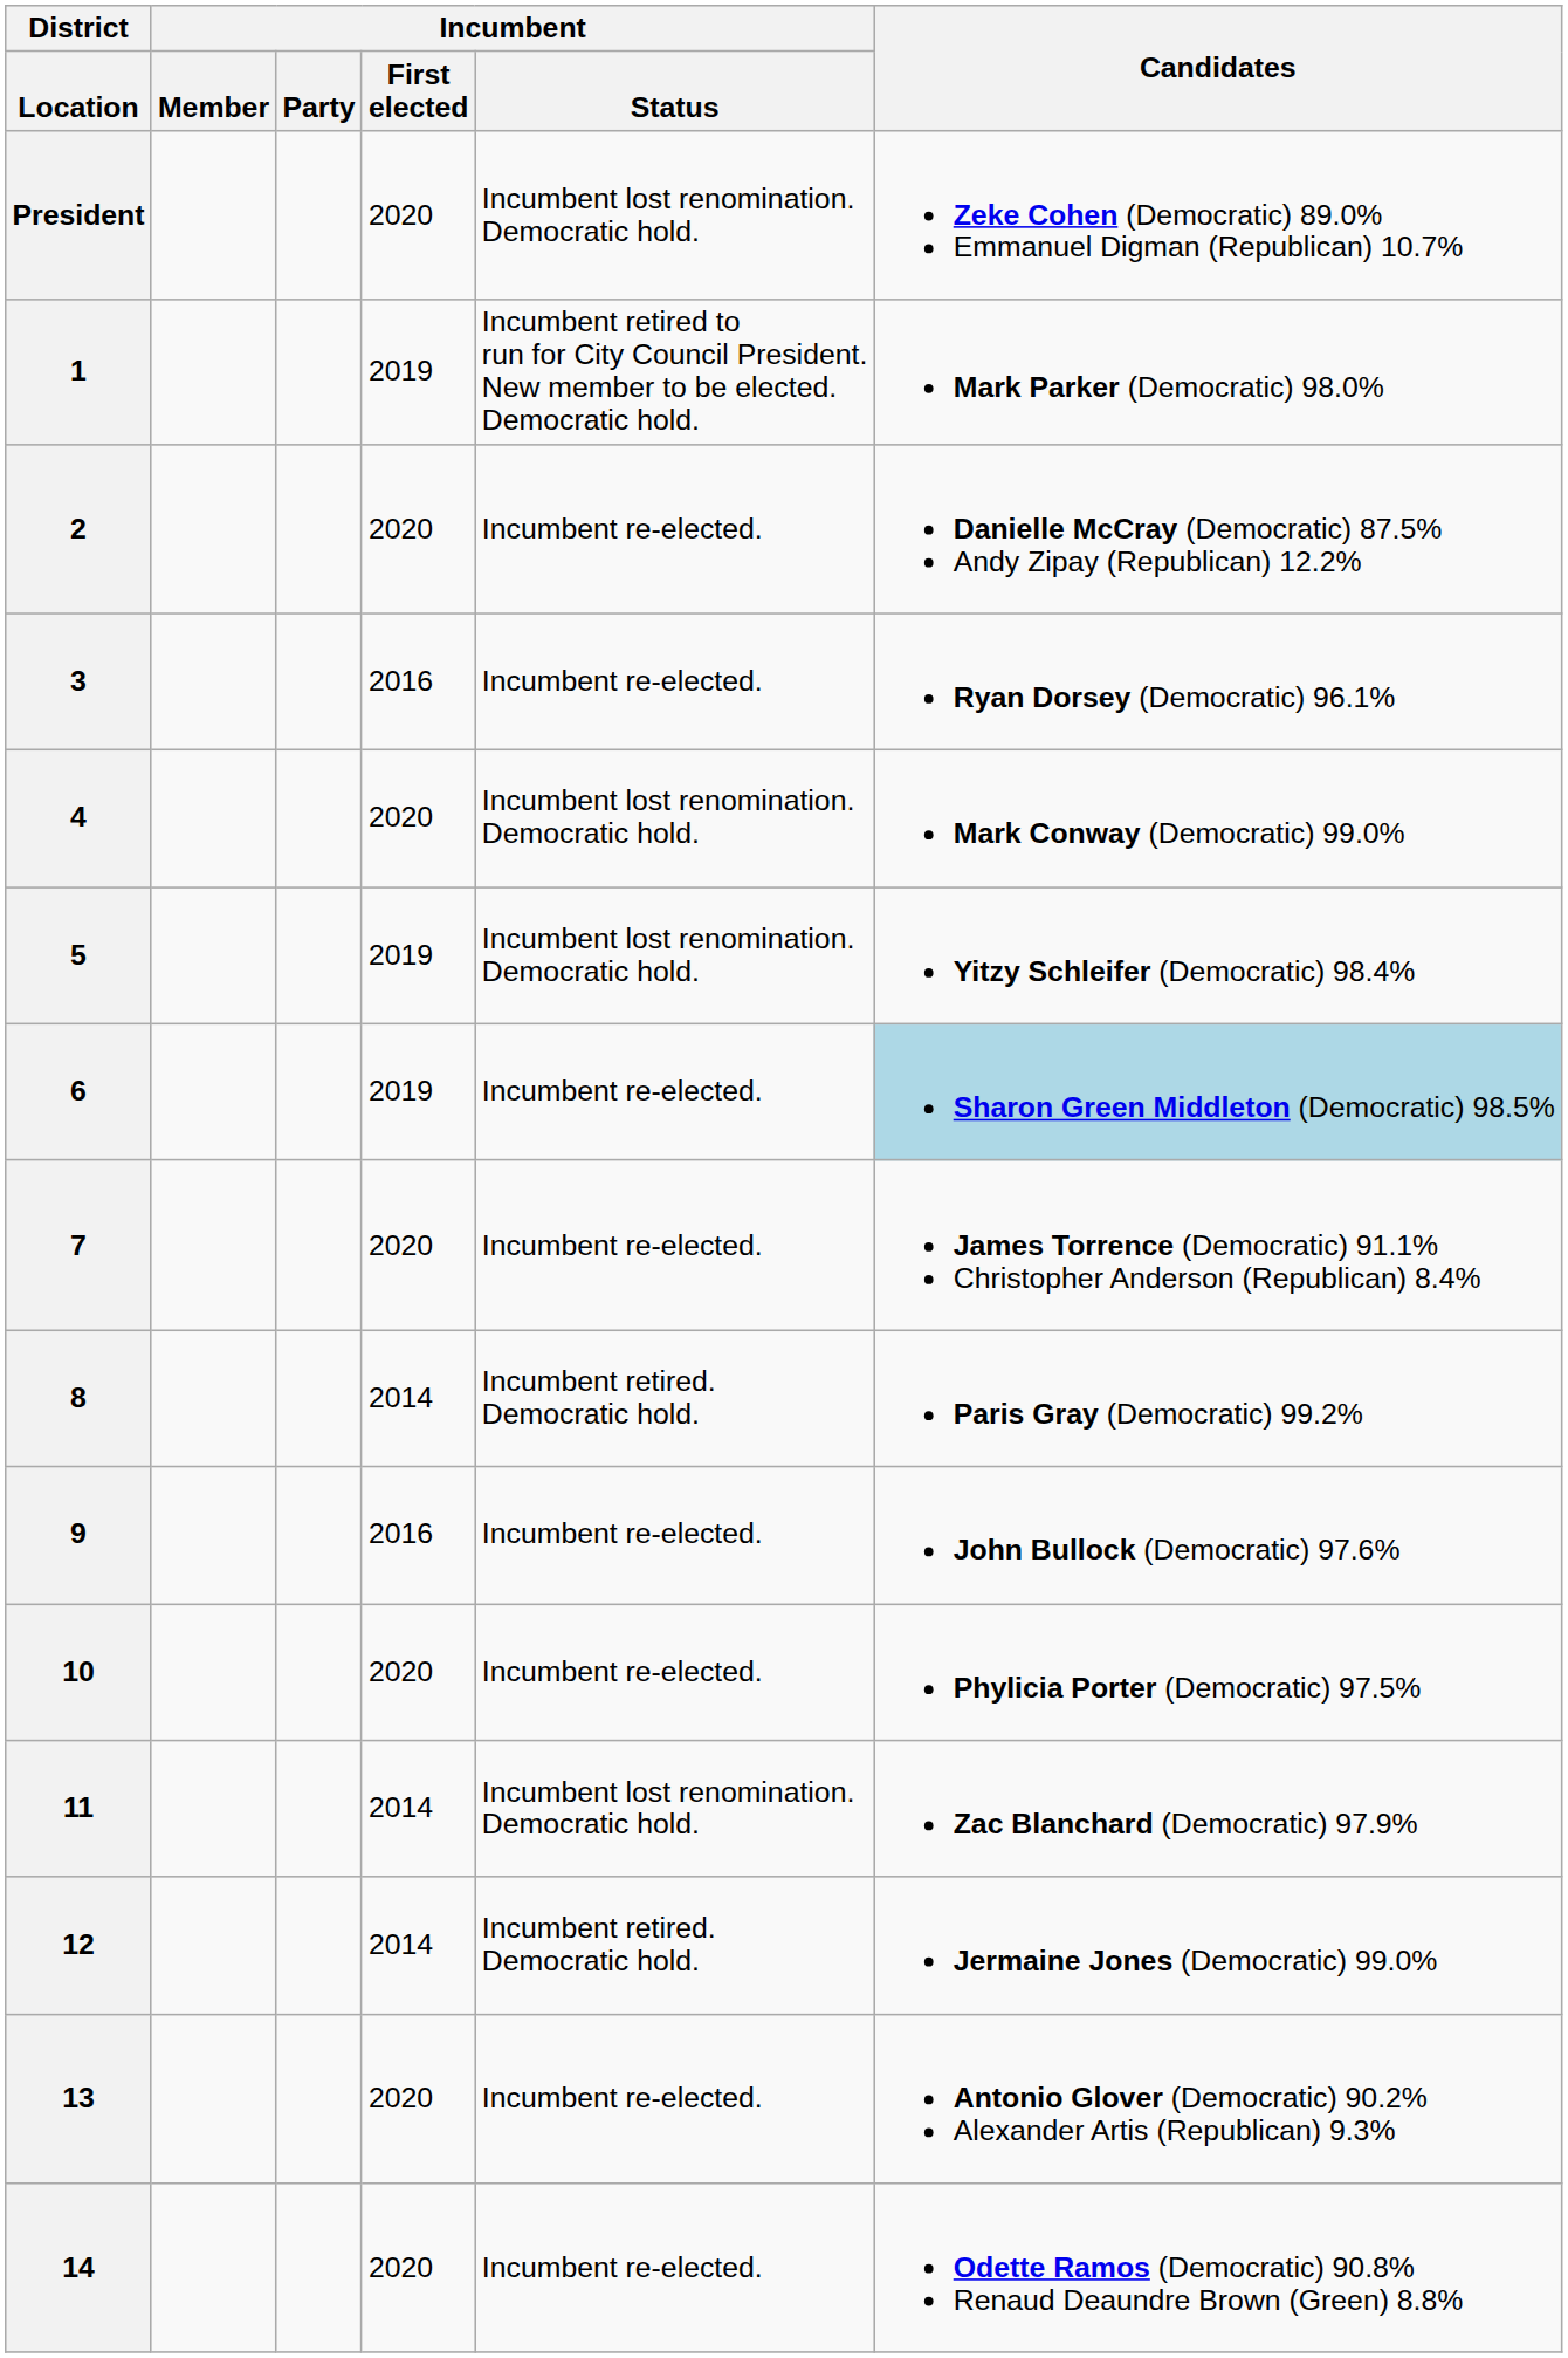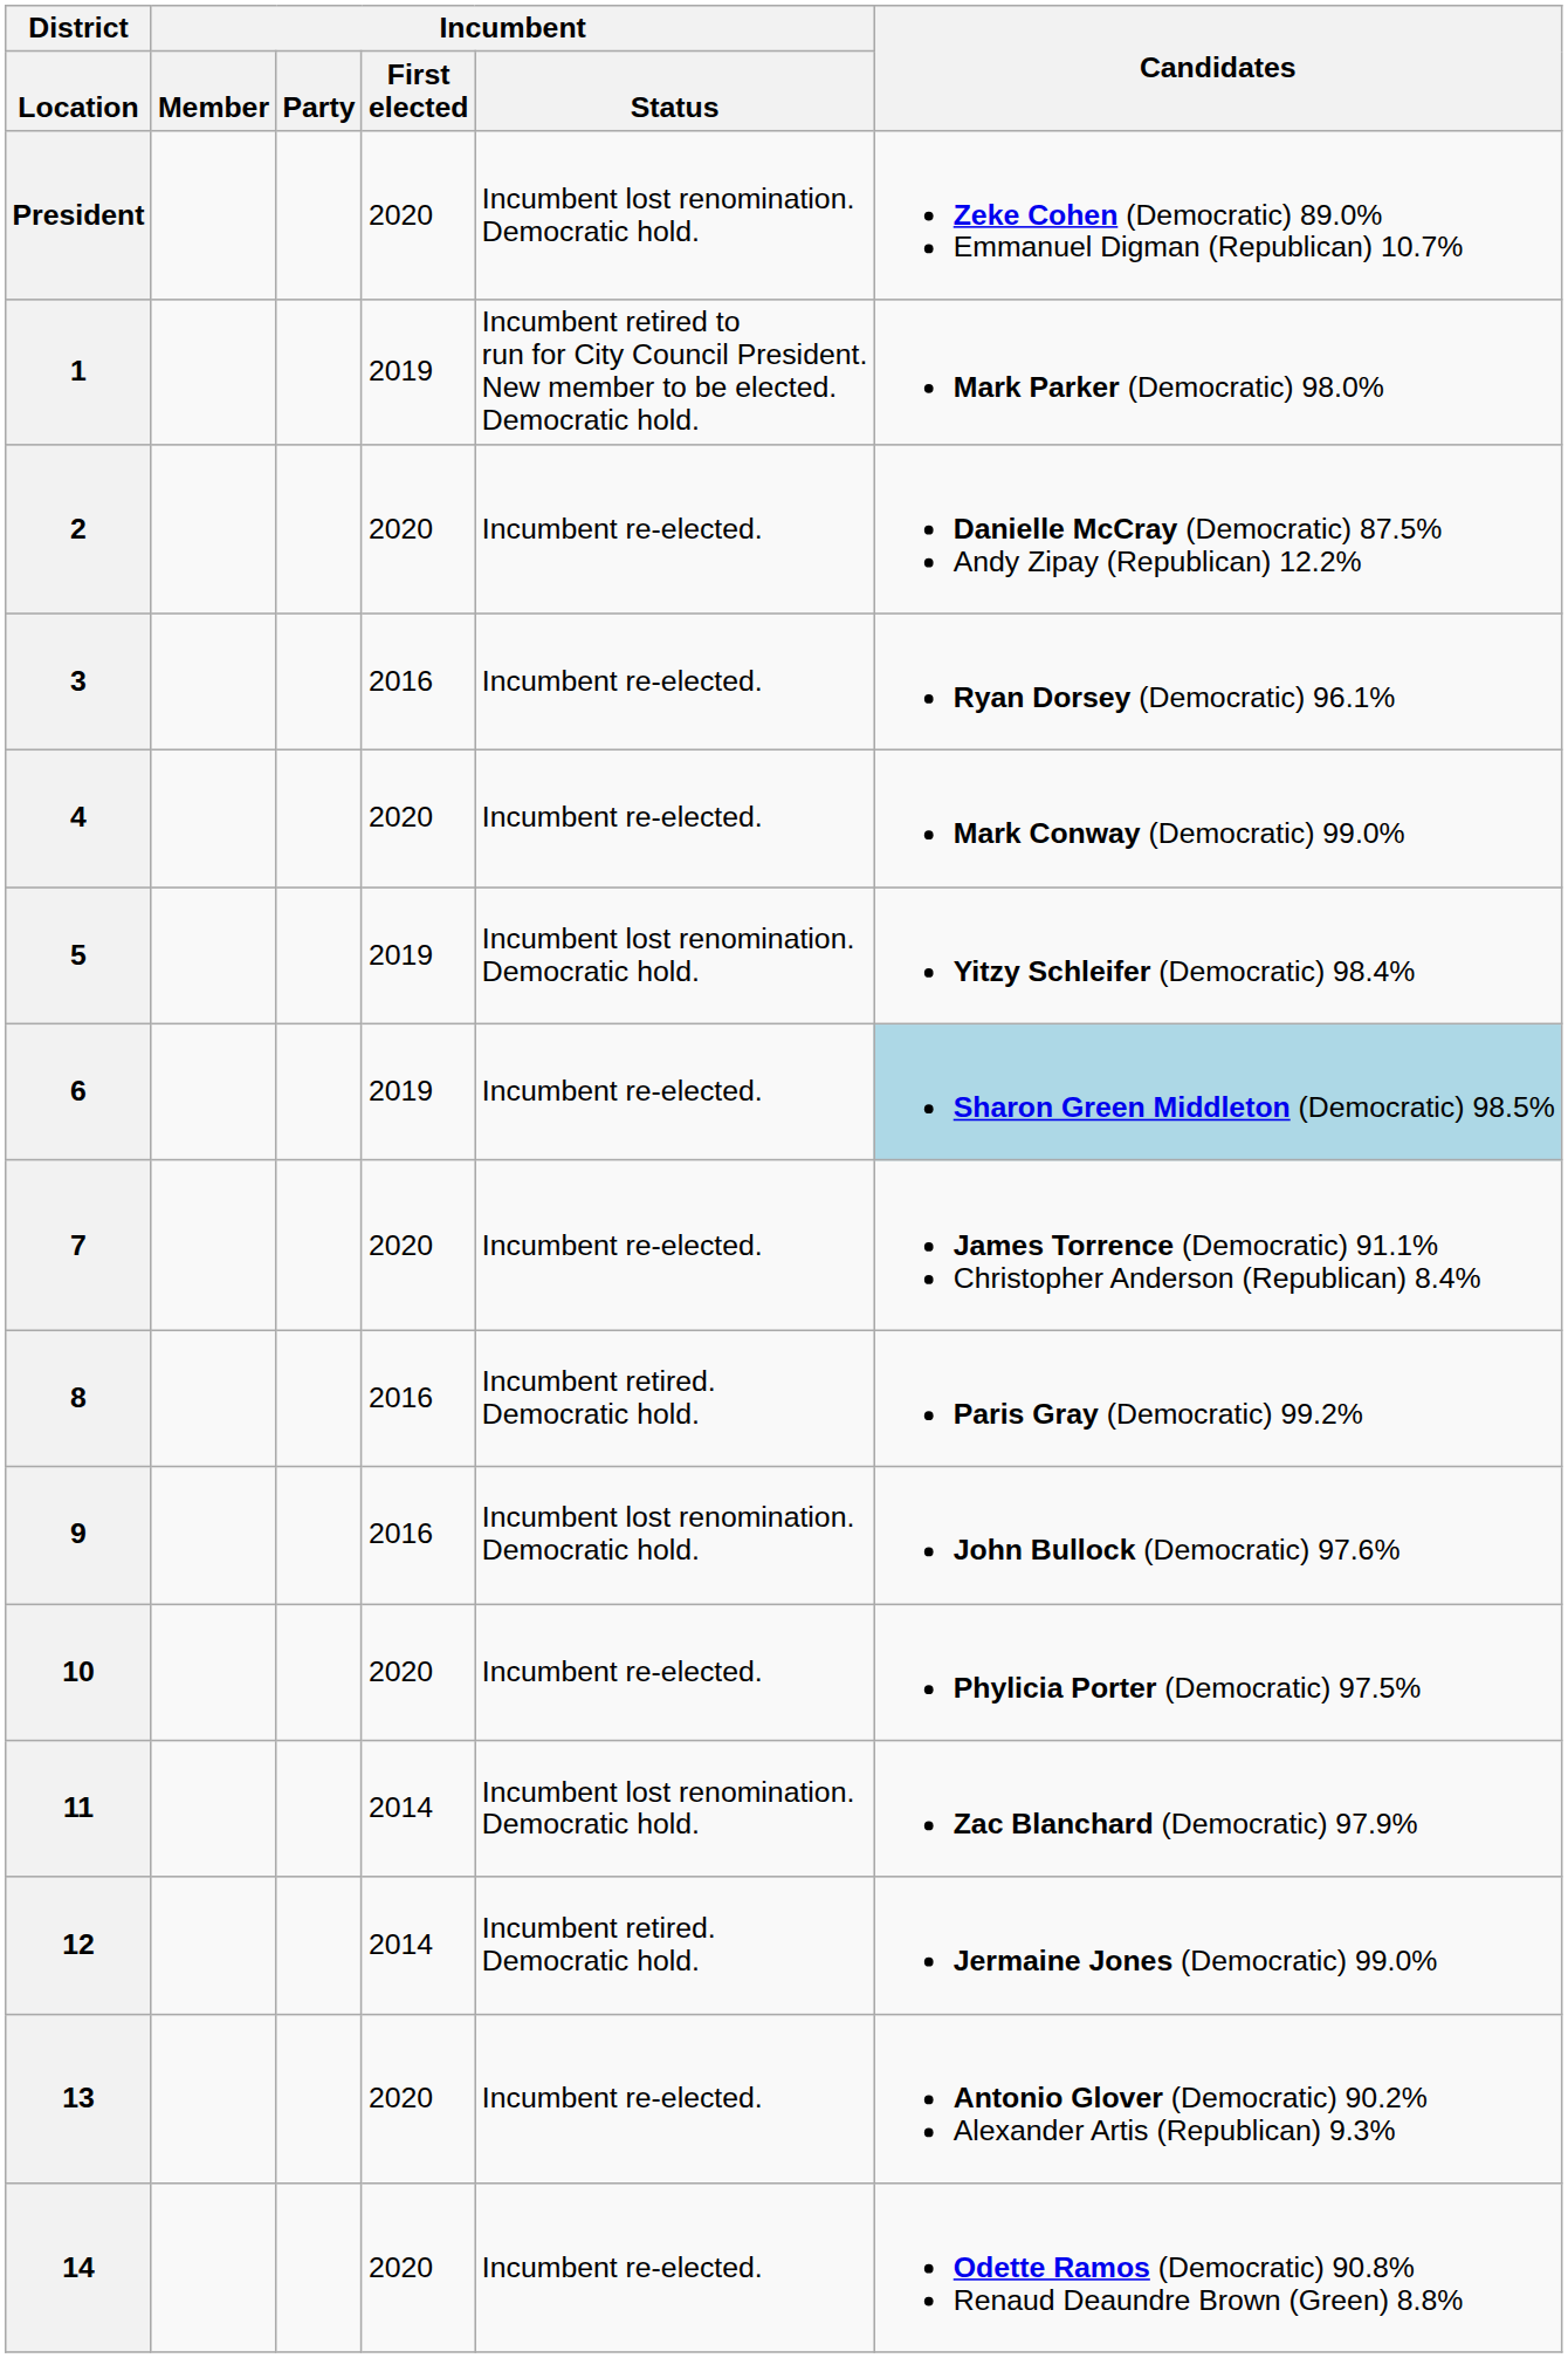 <table class="wikitable sortable">
 <tr>
 <th colspan=1>District</th>
 <th colspan=4>Incumbent</th>
 <th rowspan=2 class="unsortable">Candidates</th>
 </tr>
 <tr valign=bottom>
 <th>Location</th>
 <th>Member</th>
 <th>Party</th>
 <th>First<br>elected</th>
 <th>Status</th>
 </tr>
 <tr>
 <th data-sort-value=0>President</th>
 <td></td>
 <td></td>
 <td>2020</td>
 <td>Incumbent lost renomination.<br>Democratic hold.</td>
 <td nowrap><br><ul><li> <strong><a href='#'>Zeke Cohen</a></strong> (Democratic) 89.0%</li><li>Emmanuel Digman (Republican) 10.7%</li></ul> </td>
 </tr>
 <tr>
 <th>1</th>
 <td></td>
 <td></td>
 <td>2019</td>
 <td>Incumbent retired to<br>run for City Council President.<br>New member to be elected.<br>Democratic hold.</td>
 <td nowrap><br><ul><li> <strong>Mark Parker</strong> (Democratic) 98.0%</li></ul> </td>
 </tr>
 <tr>
 <th>2</th>
 <td></td>
 <td></td>
 <td>2020 </td>
 <td>Incumbent re-elected.</td>
 <td nowrap><br><ul><li> <strong>Danielle McCray</strong> (Democratic) 87.5%</li><li>Andy Zipay (Republican) 12.2%</li></ul> </td>
 </tr>
 <tr>
 <th>3</th>
 <td></td>
 <td></td>
 <td>2016</td>
 <td>Incumbent re-elected.</td>
 <td nowrap><br><ul><li> <strong>Ryan Dorsey</strong> (Democratic) 96.1%</li></ul> </td>
 </tr>
 <tr>
 <th>4</th>
 <td></td>
 <td></td>
 <td>2020</td>
-<td>Incumbent lost renomination.<br>Democratic hold.</td>
+<td>Incumbent re-elected.</td>
 <td nowrap><br><ul><li> <strong>Mark Conway</strong> (Democratic) 99.0%</li></ul></td>
 </tr>
 <tr>
 <th>5</th>
 <td></td>
 <td></td>
 <td>2019</td>
 <td>Incumbent lost renomination.<br>Democratic hold.</td>
 <td nowrap><br><ul><li> <strong>Yitzy Schleifer</strong> (Democratic) 98.4%</li></ul> </td>
 </tr>
 <tr>
 <th>6</th>
 <td></td>
 <td></td>
 <td>2019</td>
 <td>Incumbent re-elected.</td>
 <td nowrap style="background: lightblue;"><br><ul><li> <strong><a href='#'>Sharon Green Middleton</a></strong> (Democratic) 98.5%</li></ul> </td>
 </tr>
 <tr>
 <th>7</th>
 <td></td>
 <td></td>
 <td>2020</td>
 <td>Incumbent re-elected.</td>
 <td nowrap><br><ul><li> <strong>James Torrence</strong> (Democratic) 91.1%</li><li>Christopher Anderson (Republican) 8.4%</li></ul> </td>
 </tr>
 <tr>
 <th>8</th>
 <td></td>
 <td></td>
-<td>2014</td>
+<td>2016</td>
 <td>Incumbent retired.<br>Democratic hold.</td>
 <td nowrap><br><ul><li> <strong>Paris Gray</strong> (Democratic) 99.2%</li></ul> </td>
 </tr>
 <tr>
 <th>9</th>
 <td></td>
 <td></td>
 <td>2016</td>
-<td>Incumbent re-elected.</td>
+<td>Incumbent lost renomination.<br>Democratic hold.</td>
 <td nowrap><br><ul><li> <strong>John Bullock</strong> (Democratic) 97.6%</li></ul> </td>
 </tr>
 <tr>
 <th>10</th>
 <td></td>
 <td></td>
 <td>2020</td>
 <td>Incumbent re-elected.</td>
 <td nowrap><br><ul><li> <strong>Phylicia Porter</strong> (Democratic) 97.5%</li></ul> </td>
 </tr>
 <tr>
 <th>11</th>
 <td></td>
 <td></td>
 <td>2014 </td>
 <td>Incumbent lost renomination.<br>Democratic hold.</td>
 <td nowrap><br><ul><li> <strong>Zac Blanchard</strong> (Democratic) 97.9%</li></ul> </td>
 </tr>
 <tr>
 <th>12</th>
 <td></td>
 <td></td>
 <td>2014</td>
 <td>Incumbent retired.<br>Democratic hold.</td>
 <td nowrap><br><ul><li> <strong>Jermaine Jones</strong> (Democratic) 99.0%</li></ul> </td>
 </tr>
 <tr>
 <th>13</th>
 <td></td>
 <td></td>
 <td>2020</td>
 <td>Incumbent re-elected.</td>
 <td nowrap><br><ul><li> <strong>Antonio Glover</strong> (Democratic) 90.2%</li><li>Alexander Artis (Republican) 9.3%</li></ul> </td>
 </tr>
 <tr>
 <th>14</th>
 <td></td>
 <td></td>
 <td>2020</td>
 <td>Incumbent re-elected.</td>
 <td nowrap><br><ul><li> <strong><a href='#'>Odette Ramos</a></strong> (Democratic) 90.8%</li><li>Renaud Deaundre Brown (Green) 8.8%</li></ul></td>
 </tr>
 </table>
